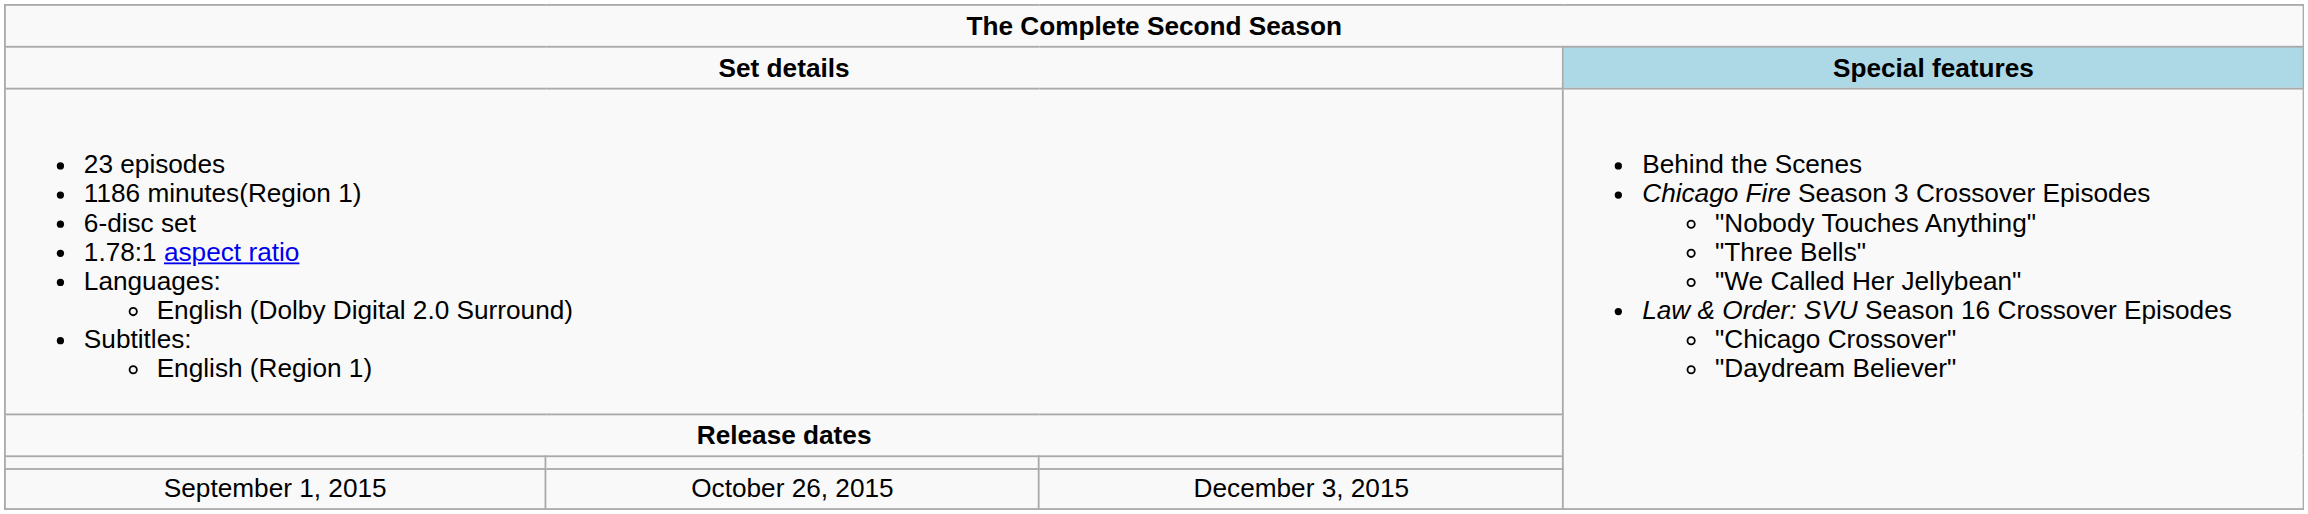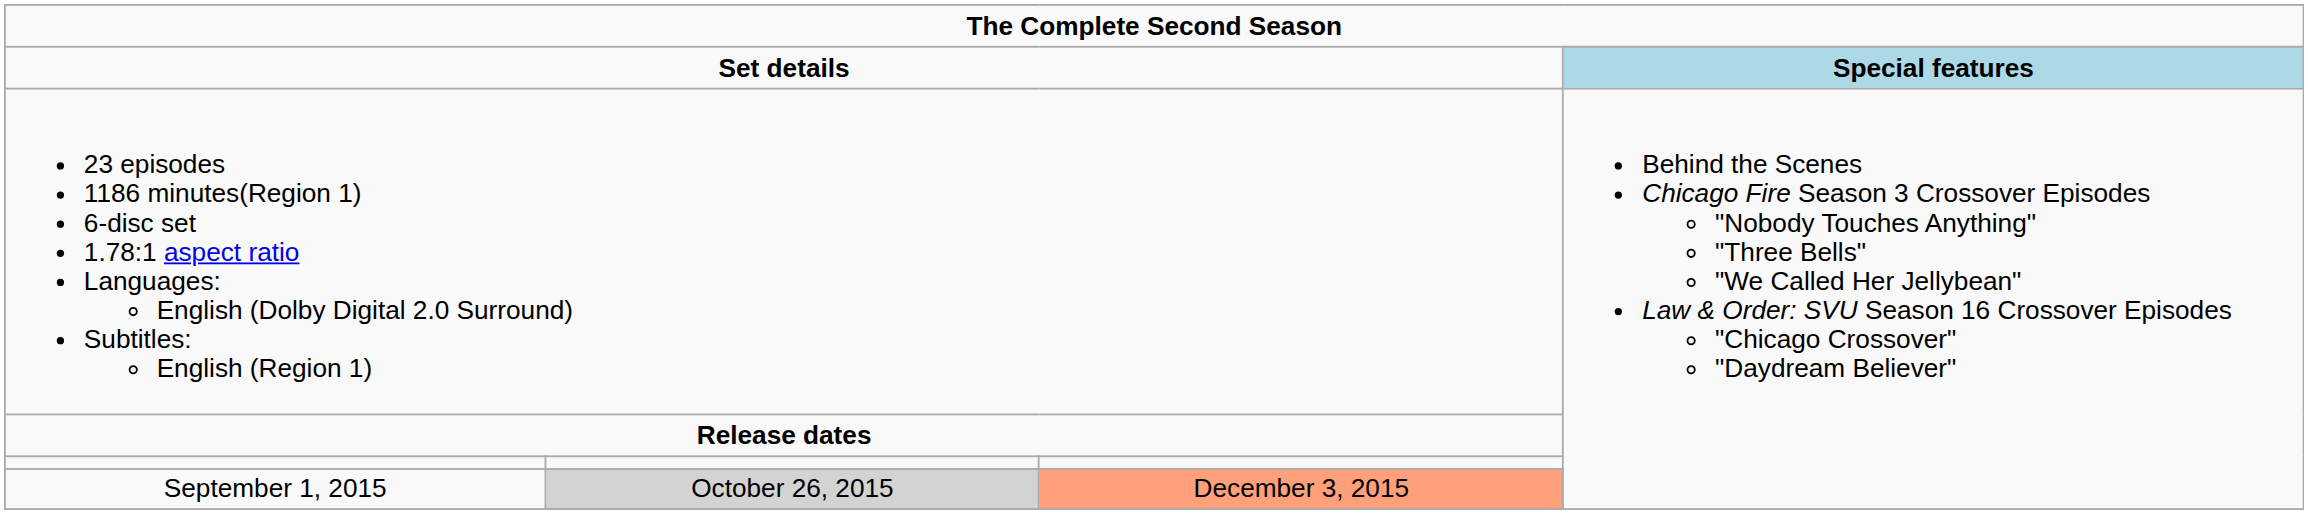 <table class="wikitable plainrowheaders" style="font-size:90%; text-align:center; width: 100%; margin-left: auto; margin-right: auto;">
 <tr>
 <td colspan="6"><strong>The Complete Second Season</strong></td>
 </tr>
 <tr>
 <td align="center" width="300" colspan="3"><strong>Set details</strong></td>
 <td width="400" align="center" style="background: lightblue;"><strong>Special features</strong></td>
 </tr>
 <tr valign="top">
 <td colspan="3" align="left" width="300"><br><ul><li>23 episodes</li><li>1186 minutes(Region 1)</li><li>6-disc set</li><li>1.78:1 <a href='#'>aspect ratio</a></li><li>Languages:<ul><li>English (Dolby Digital 2.0 Surround)</li></ul></li><li>Subtitles:<ul><li>English (Region 1)</li></ul></li></ul></td>
 <td rowspan="4" align="left" width="400"><br><ul><li>Behind the Scenes</li><li><em>Chicago Fire</em> Season 3 Crossover Episodes<ul><li>"Nobody Touches Anything"</li><li>"Three Bells"</li><li>"We Called Her Jellybean"</li></ul></li><li><em>Law & Order: SVU</em> Season 16 Crossover Episodes<ul><li>"Chicago Crossover"</li><li>"Daydream Believer"</li></ul></li></ul></td>
 </tr>
 <tr>
 <td colspan="3" align="center"><strong>Release dates</strong></td>
 </tr>
 <tr>
 <td align="center"></td>
 <td align="center"></td>
 <td align="center"></td>
 </tr>
 <tr>
 <td align="center">September 1, 2015</td>
-<td align="center">October 26, 2015</td>
-<td align="center">December 3, 2015</td>
+<td align="center" style="background: lightgrey;">October 26, 2015</td>
+<td align="center" style="background: lightsalmon;">December 3, 2015</td>
 </tr>
 </table>
